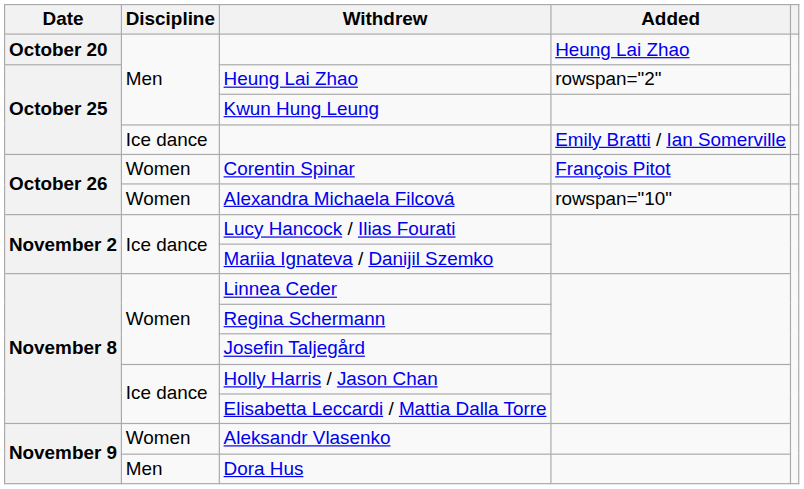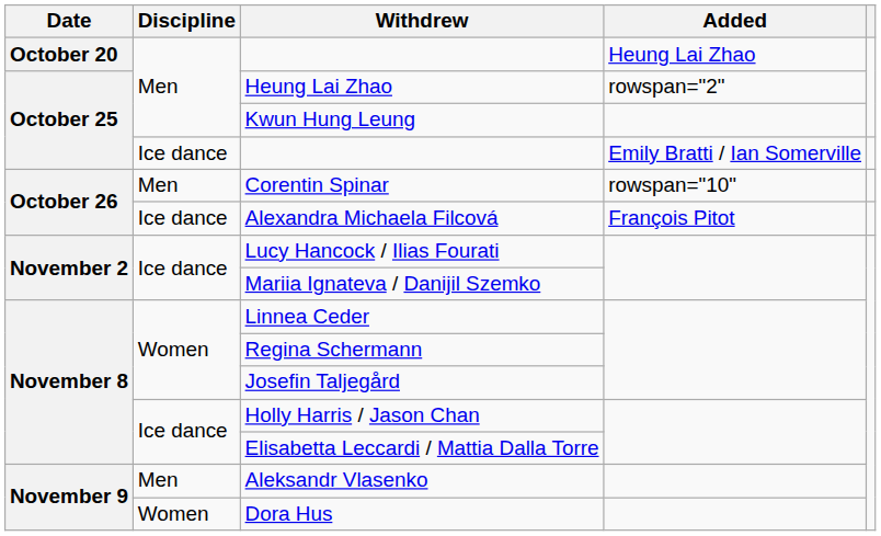 <table class="wikitable unsortable" style="text-align:left;">
 <tr>
 <th scope="col">Date</th>
 <th scope="col">Discipline</th>
 <th scope="col">Withdrew</th>
 <th scope="col">Added</th>
 <th scope="col"></th>
 </tr>
 <tr>
 <th scope="row" style="text-align:left">October 20</th>
 <td rowspan="3">Men</td>
 <td></td>
 <td> <a href='#'>Heung Lai Zhao</a></td>
 <td rowspan="3"></td>
 </tr>
 <tr>
 <th scope="row" style="text-align:left" rowspan="3">October 25</th>
 <td> <a href='#'>Heung Lai Zhao</a></td>
 <td>rowspan="2" </td>
 </tr>
 <tr>
 <td> <a href='#'>Kwun Hung Leung</a></td>
 </tr>
 <tr>
 <td>Ice dance</td>
 <td></td>
 <td> <a href='#'>Emily Bratti</a> / <a href='#'>Ian Somerville</a></td>
 <td></td>
 </tr>
 <tr>
 <th scope="row" style="text-align:left" rowspan="2">October 26</th>
-<td>Women</td>
+<td>Men</td>
 <td> <a href='#'>Corentin Spinar</a></td>
-<td> <a href='#'>François Pitot</a></td>
+<td>rowspan="10" </td>
 <td></td>
 </tr>
 <tr>
-<td>Women</td>
+<td>Ice dance</td>
 <td> <a href='#'>Alexandra Michaela Filcová</a></td>
-<td>rowspan="10" </td>
+<td> <a href='#'>François Pitot</a></td>
 <td></td>
 </tr>
 <tr>
 <th scope="row" style="text-align:left" rowspan="2">November 2</th>
 <td rowspan="2">Ice dance</td>
 <td> <a href='#'>Lucy Hancock</a> / <a href='#'>Ilias Fourati</a></td>
 <td rowspan="2"></td>
 </tr>
 <tr>
 <td> <a href='#'>Mariia Ignateva</a> / <a href='#'>Danijil Szemko</a></td>
 </tr>
 <tr>
 <th scope="row" style="text-align:left" rowspan="5">November 8</th>
 <td rowspan="3">Women</td>
 <td> <a href='#'>Linnea Ceder</a></td>
 <td rowspan="3"></td>
 </tr>
 <tr>
 <td> <a href='#'>Regina Schermann</a></td>
 </tr>
 <tr>
 <td> <a href='#'>Josefin Taljegård</a></td>
 </tr>
 <tr>
 <td rowspan="2">Ice dance</td>
 <td> <a href='#'>Holly Harris</a> / <a href='#'>Jason Chan</a></td>
 <td rowspan="2"></td>
 </tr>
 <tr>
 <td> <a href='#'>Elisabetta Leccardi</a> / <a href='#'>Mattia Dalla Torre</a></td>
 </tr>
 <tr>
 <th scope="row" style="text-align:left" rowspan="2">November 9</th>
-<td>Women</td>
+<td>Men</td>
 <td> <a href='#'>Aleksandr Vlasenko</a></td>
 <td></td>
 </tr>
 <tr>
-<td>Men</td>
+<td>Women</td>
 <td> <a href='#'>Dora Hus</a></td>
 <td rowspan="3"></td>
 </tr>
 </table>
